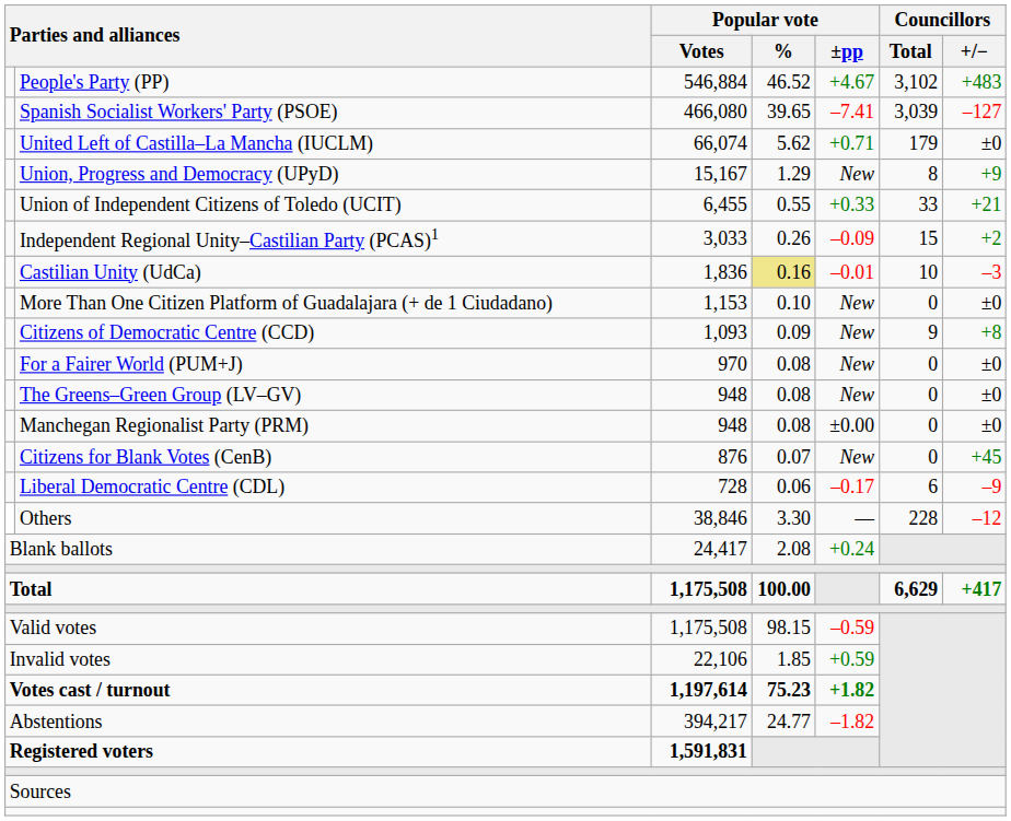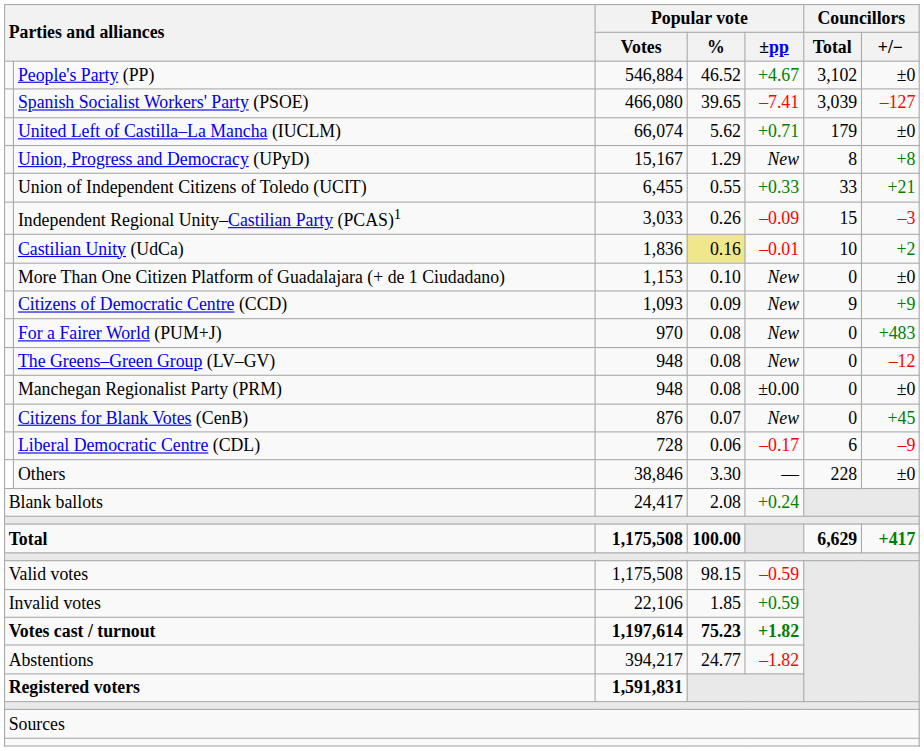 <table class="wikitable" style="text-align:right;">
 <tr>
 <th style="text-align:left;" rowspan="2" colspan="2" width="525">Parties and alliances</th>
 <th colspan="3">Popular vote</th>
 <th colspan="2">Councillors</th>
 </tr>
 <tr>
 <th width="75">Votes</th>
 <th width="45">%</th>
 <th width="45">±<a href='#'>pp</a></th>
 <th width="45">Total</th>
 <th width="45">+/−</th>
 </tr>
 <tr>
 <td width="1" style="color:inherit;background:"></td>
 <td align="left"><a href='#'>People's Party</a> (PP)</td>
 <td>546,884</td>
 <td>46.52</td>
 <td style="color:green;">+4.67</td>
 <td>3,102</td>
-<td style="color:green;">+483</td>
+<td>±0</td>
 </tr>
 <tr>
 <td style="color:inherit;background:"></td>
 <td align="left"><a href='#'>Spanish Socialist Workers' Party</a> (PSOE)</td>
 <td>466,080</td>
 <td>39.65</td>
 <td style="color:red;">–7.41</td>
 <td>3,039</td>
 <td style="color:red;">–127</td>
 </tr>
 <tr>
 <td style="color:inherit;background:"></td>
 <td align="left"><a href='#'>United Left of Castilla–La Mancha</a> (IUCLM)</td>
 <td>66,074</td>
 <td>5.62</td>
 <td style="color:green;">+0.71</td>
 <td>179</td>
 <td>±0</td>
 </tr>
 <tr>
 <td style="color:inherit;background:"></td>
 <td align="left"><a href='#'>Union, Progress and Democracy</a> (UPyD)</td>
 <td>15,167</td>
 <td>1.29</td>
 <td><em>New</em></td>
 <td>8</td>
-<td style="color:green;">+9</td>
+<td style="color:green;">+8</td>
 </tr>
 <tr>
 <td style="color:inherit;background:"></td>
 <td align="left">Union of Independent Citizens of Toledo (UCIT)</td>
 <td>6,455</td>
 <td>0.55</td>
 <td style="color:green;">+0.33</td>
 <td>33</td>
 <td style="color:green;">+21</td>
 </tr>
 <tr>
 <td style="color:inherit;background:"></td>
 <td align="left">Independent Regional Unity–<a href='#'>Castilian Party</a> (PCAS)<sup>1</sup></td>
 <td>3,033</td>
 <td>0.26</td>
 <td style="color:red;">–0.09</td>
 <td>15</td>
-<td style="color:green;">+2</td>
+<td style="color:red;">–3</td>
 </tr>
 <tr>
 <td style="color:inherit;background:"></td>
 <td align="left"><a href='#'>Castilian Unity</a> (UdCa)</td>
 <td>1,836</td>
 <td style="background: khaki;">0.16</td>
 <td style="color:red;">–0.01</td>
 <td>10</td>
-<td style="color:red;">–3</td>
+<td style="color:green;">+2</td>
 </tr>
 <tr>
 <td style="color:inherit;background:"></td>
 <td align="left">More Than One Citizen Platform of Guadalajara (+ de 1 Ciudadano)</td>
 <td>1,153</td>
 <td>0.10</td>
 <td><em>New</em></td>
 <td>0</td>
 <td>±0</td>
 </tr>
 <tr>
 <td style="color:inherit;background:"></td>
 <td align="left"><a href='#'>Citizens of Democratic Centre</a> (CCD)</td>
 <td>1,093</td>
 <td>0.09</td>
 <td><em>New</em></td>
 <td>9</td>
-<td style="color:green;">+8</td>
+<td style="color:green;">+9</td>
 </tr>
 <tr>
 <td style="color:inherit;background:"></td>
 <td align="left"><a href='#'>For a Fairer World</a> (PUM+J)</td>
 <td>970</td>
 <td>0.08</td>
 <td><em>New</em></td>
 <td>0</td>
-<td>±0</td>
+<td style="color:green;">+483</td>
 </tr>
 <tr>
 <td style="color:inherit;background:"></td>
 <td align="left"><a href='#'>The Greens–Green Group</a> (LV–GV)</td>
 <td>948</td>
 <td>0.08</td>
 <td><em>New</em></td>
 <td>0</td>
-<td>±0</td>
+<td style="color:red;">–12</td>
 </tr>
 <tr>
 <td style="color:inherit;background:"></td>
 <td align="left">Manchegan Regionalist Party (PRM)</td>
 <td>948</td>
 <td>0.08</td>
 <td>±0.00</td>
 <td>0</td>
 <td>±0</td>
 </tr>
 <tr>
 <td style="color:inherit;background:"></td>
 <td align="left"><a href='#'>Citizens for Blank Votes</a> (CenB)</td>
 <td>876</td>
 <td>0.07</td>
 <td><em>New</em></td>
 <td>0</td>
 <td style="color:green;">+45</td>
 </tr>
 <tr>
 <td style="color:inherit;background:"></td>
 <td align="left"><a href='#'>Liberal Democratic Centre</a> (CDL)</td>
 <td>728</td>
 <td>0.06</td>
 <td style="color:red;">–0.17</td>
 <td>6</td>
 <td style="color:red;">–9</td>
 </tr>
 <tr>
 <td bgcolor="white"></td>
 <td align="left">Others</td>
 <td>38,846</td>
 <td>3.30</td>
 <td>—</td>
 <td>228</td>
-<td style="color:red;">–12</td>
+<td>±0</td>
 </tr>
 <tr>
 <td align="left" colspan="2">Blank ballots</td>
 <td>24,417</td>
 <td>2.08</td>
 <td style="color:green;">+0.24</td>
 <td bgcolor="#E9E9E9" colspan="2"></td>
 </tr>
 <tr>
 <td colspan="7" bgcolor="#E9E9E9"></td>
 </tr>
 <tr style="font-weight:bold;">
 <td align="left" colspan="2">Total</td>
 <td>1,175,508</td>
 <td>100.00</td>
 <td bgcolor="#E9E9E9"></td>
 <td>6,629</td>
 <td style="color:green;">+417</td>
 </tr>
 <tr>
 <td colspan="7" bgcolor="#E9E9E9"></td>
 </tr>
 <tr>
 <td align="left" colspan="2">Valid votes</td>
 <td>1,175,508</td>
 <td>98.15</td>
 <td style="color:red;">–0.59</td>
 <td bgcolor="#E9E9E9" colspan="2" rowspan="5"></td>
 </tr>
 <tr>
 <td align="left" colspan="2">Invalid votes</td>
 <td>22,106</td>
 <td>1.85</td>
 <td style="color:green;">+0.59</td>
 </tr>
 <tr style="font-weight:bold;">
 <td align="left" colspan="2">Votes cast / turnout</td>
 <td>1,197,614</td>
 <td>75.23</td>
 <td style="color:green;">+1.82</td>
 </tr>
 <tr>
 <td align="left" colspan="2">Abstentions</td>
 <td>394,217</td>
 <td>24.77</td>
 <td style="color:red;">–1.82</td>
 </tr>
 <tr style="font-weight:bold;">
 <td align="left" colspan="2">Registered voters</td>
 <td>1,591,831</td>
 <td bgcolor="#E9E9E9" colspan="2"></td>
 </tr>
 <tr>
 <td colspan="7" bgcolor="#E9E9E9"></td>
 </tr>
 <tr>
 <td align="left" colspan="7">Sources</td>
 </tr>
 <tr>
 <td colspan="7" style="text-align:left; max-width:790px;"></td>
 </tr>
 </table>
